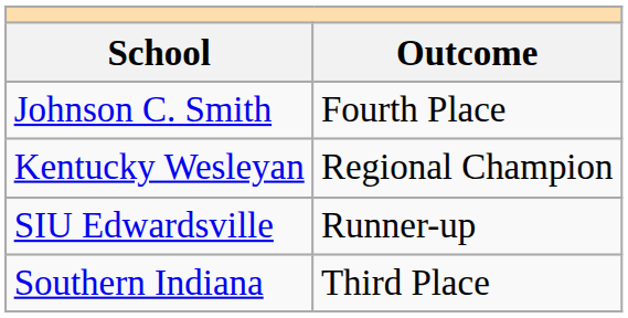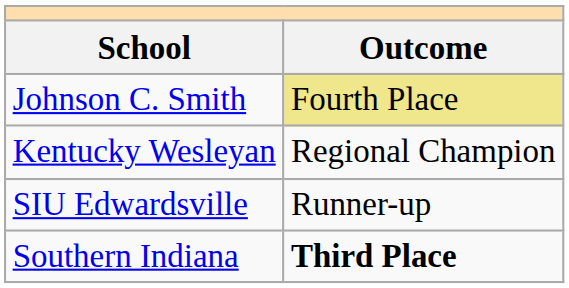 <table class="wikitable" style="float:left; margin-right:1em;">
 <tr>
 <th colspan="3" style="background:#ffdead;"></th>
 </tr>
 <tr>
 <th>School</th>
 <th>Outcome</th>
 </tr>
 <tr>
 <td><a href='#'>Johnson C. Smith</a></td>
-<td>Fourth Place</td>
+<td style="background: khaki;">Fourth Place</td>
 </tr>
 <tr>
 <td><a href='#'>Kentucky Wesleyan</a></td>
 <td>Regional Champion</td>
 </tr>
 <tr>
 <td><a href='#'>SIU Edwardsville</a></td>
 <td>Runner-up</td>
 </tr>
 <tr>
 <td><a href='#'>Southern Indiana</a></td>
-<td>Third Place</td>
+<td><strong>Third Place</strong></td>
 </tr>
 </table>
